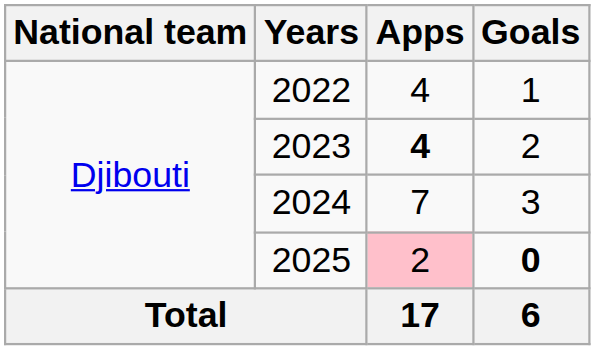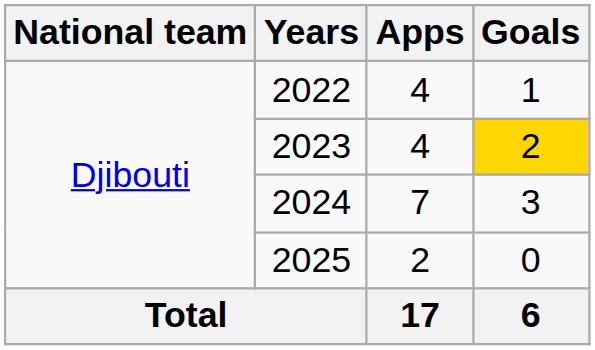 <table class="wikitable" style="text-align:center;">
 <tr>
 <th>National team</th>
 <th>Years</th>
 <th>Apps</th>
 <th>Goals</th>
 </tr>
 <tr>
 <td rowspan=4><a href='#'>Djibouti</a></td>
 <td>2022</td>
 <td>4</td>
 <td>1</td>
 </tr>
 <tr>
 <td>2023</td>
-<td><strong>4</strong></td>
-<td>2</td>
+<td>4</td>
+<td style="background: gold;">2</td>
 </tr>
 <tr>
 <td>2024</td>
 <td>7</td>
 <td>3</td>
 </tr>
 <tr>
 <td>2025</td>
-<td style="background: pink;">2</td>
-<td><strong>0</strong></td>
+<td>2</td>
+<td>0</td>
 </tr>
 <tr>
 <th colspan=2>Total</th>
 <th>17</th>
 <th>6</th>
 </tr>
 </table>
